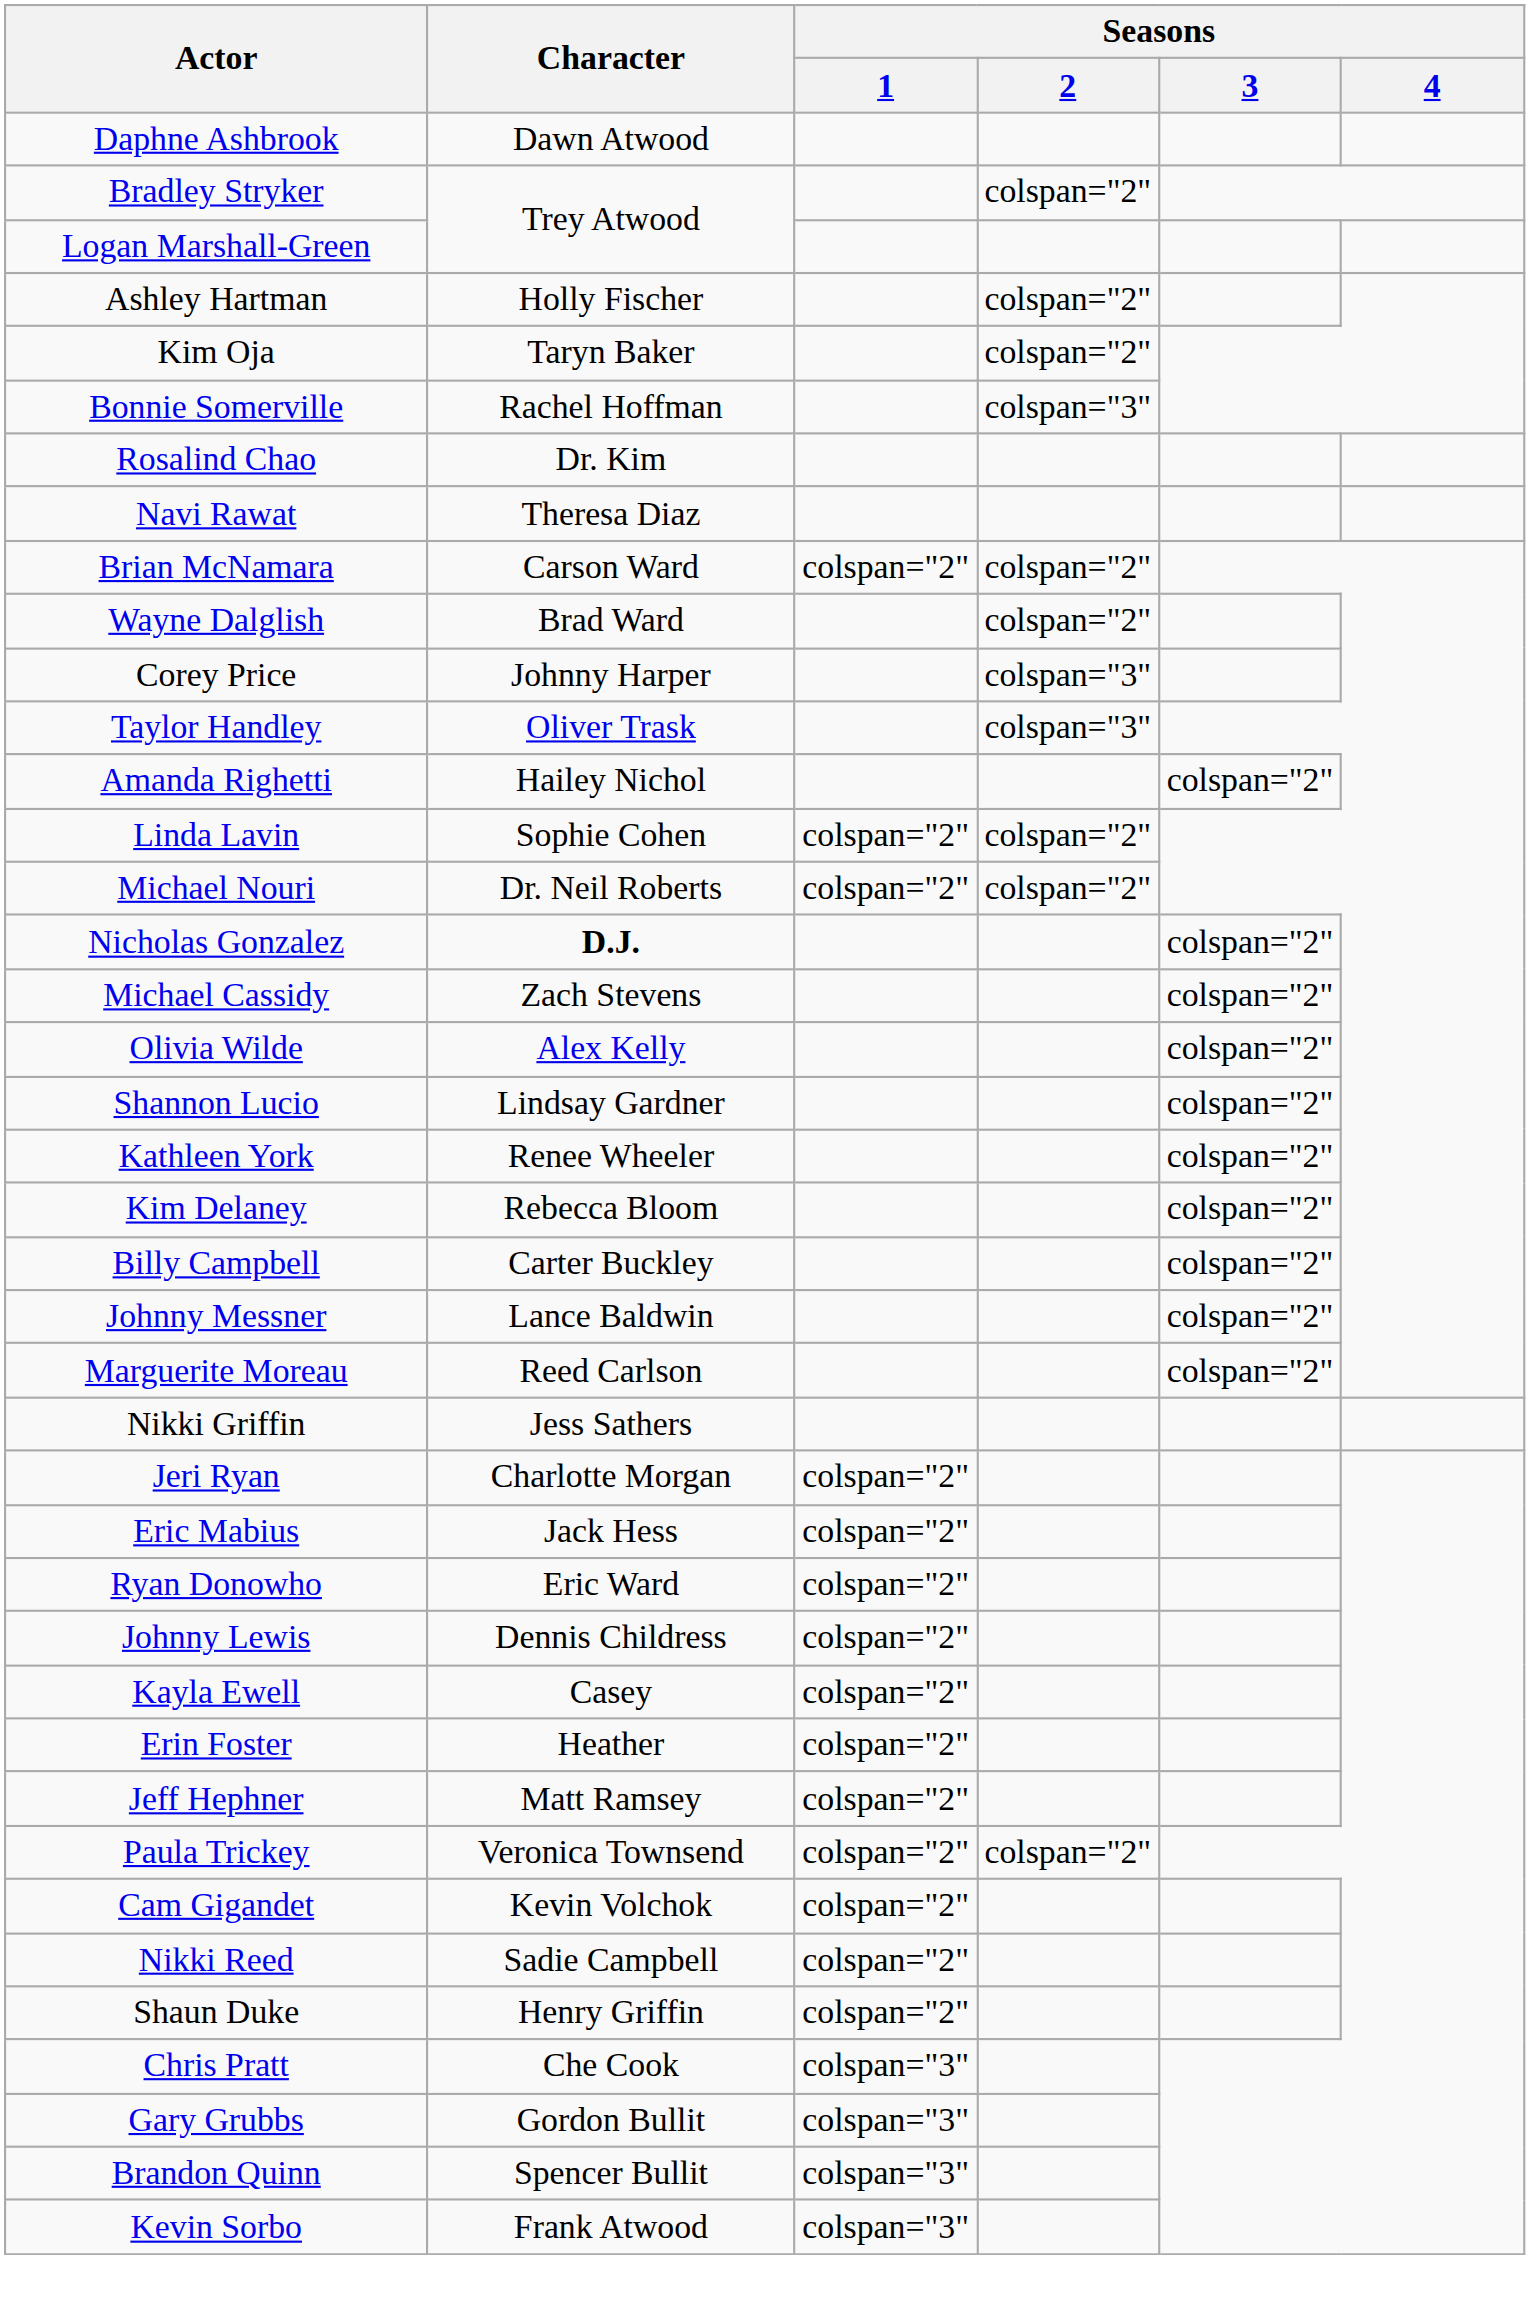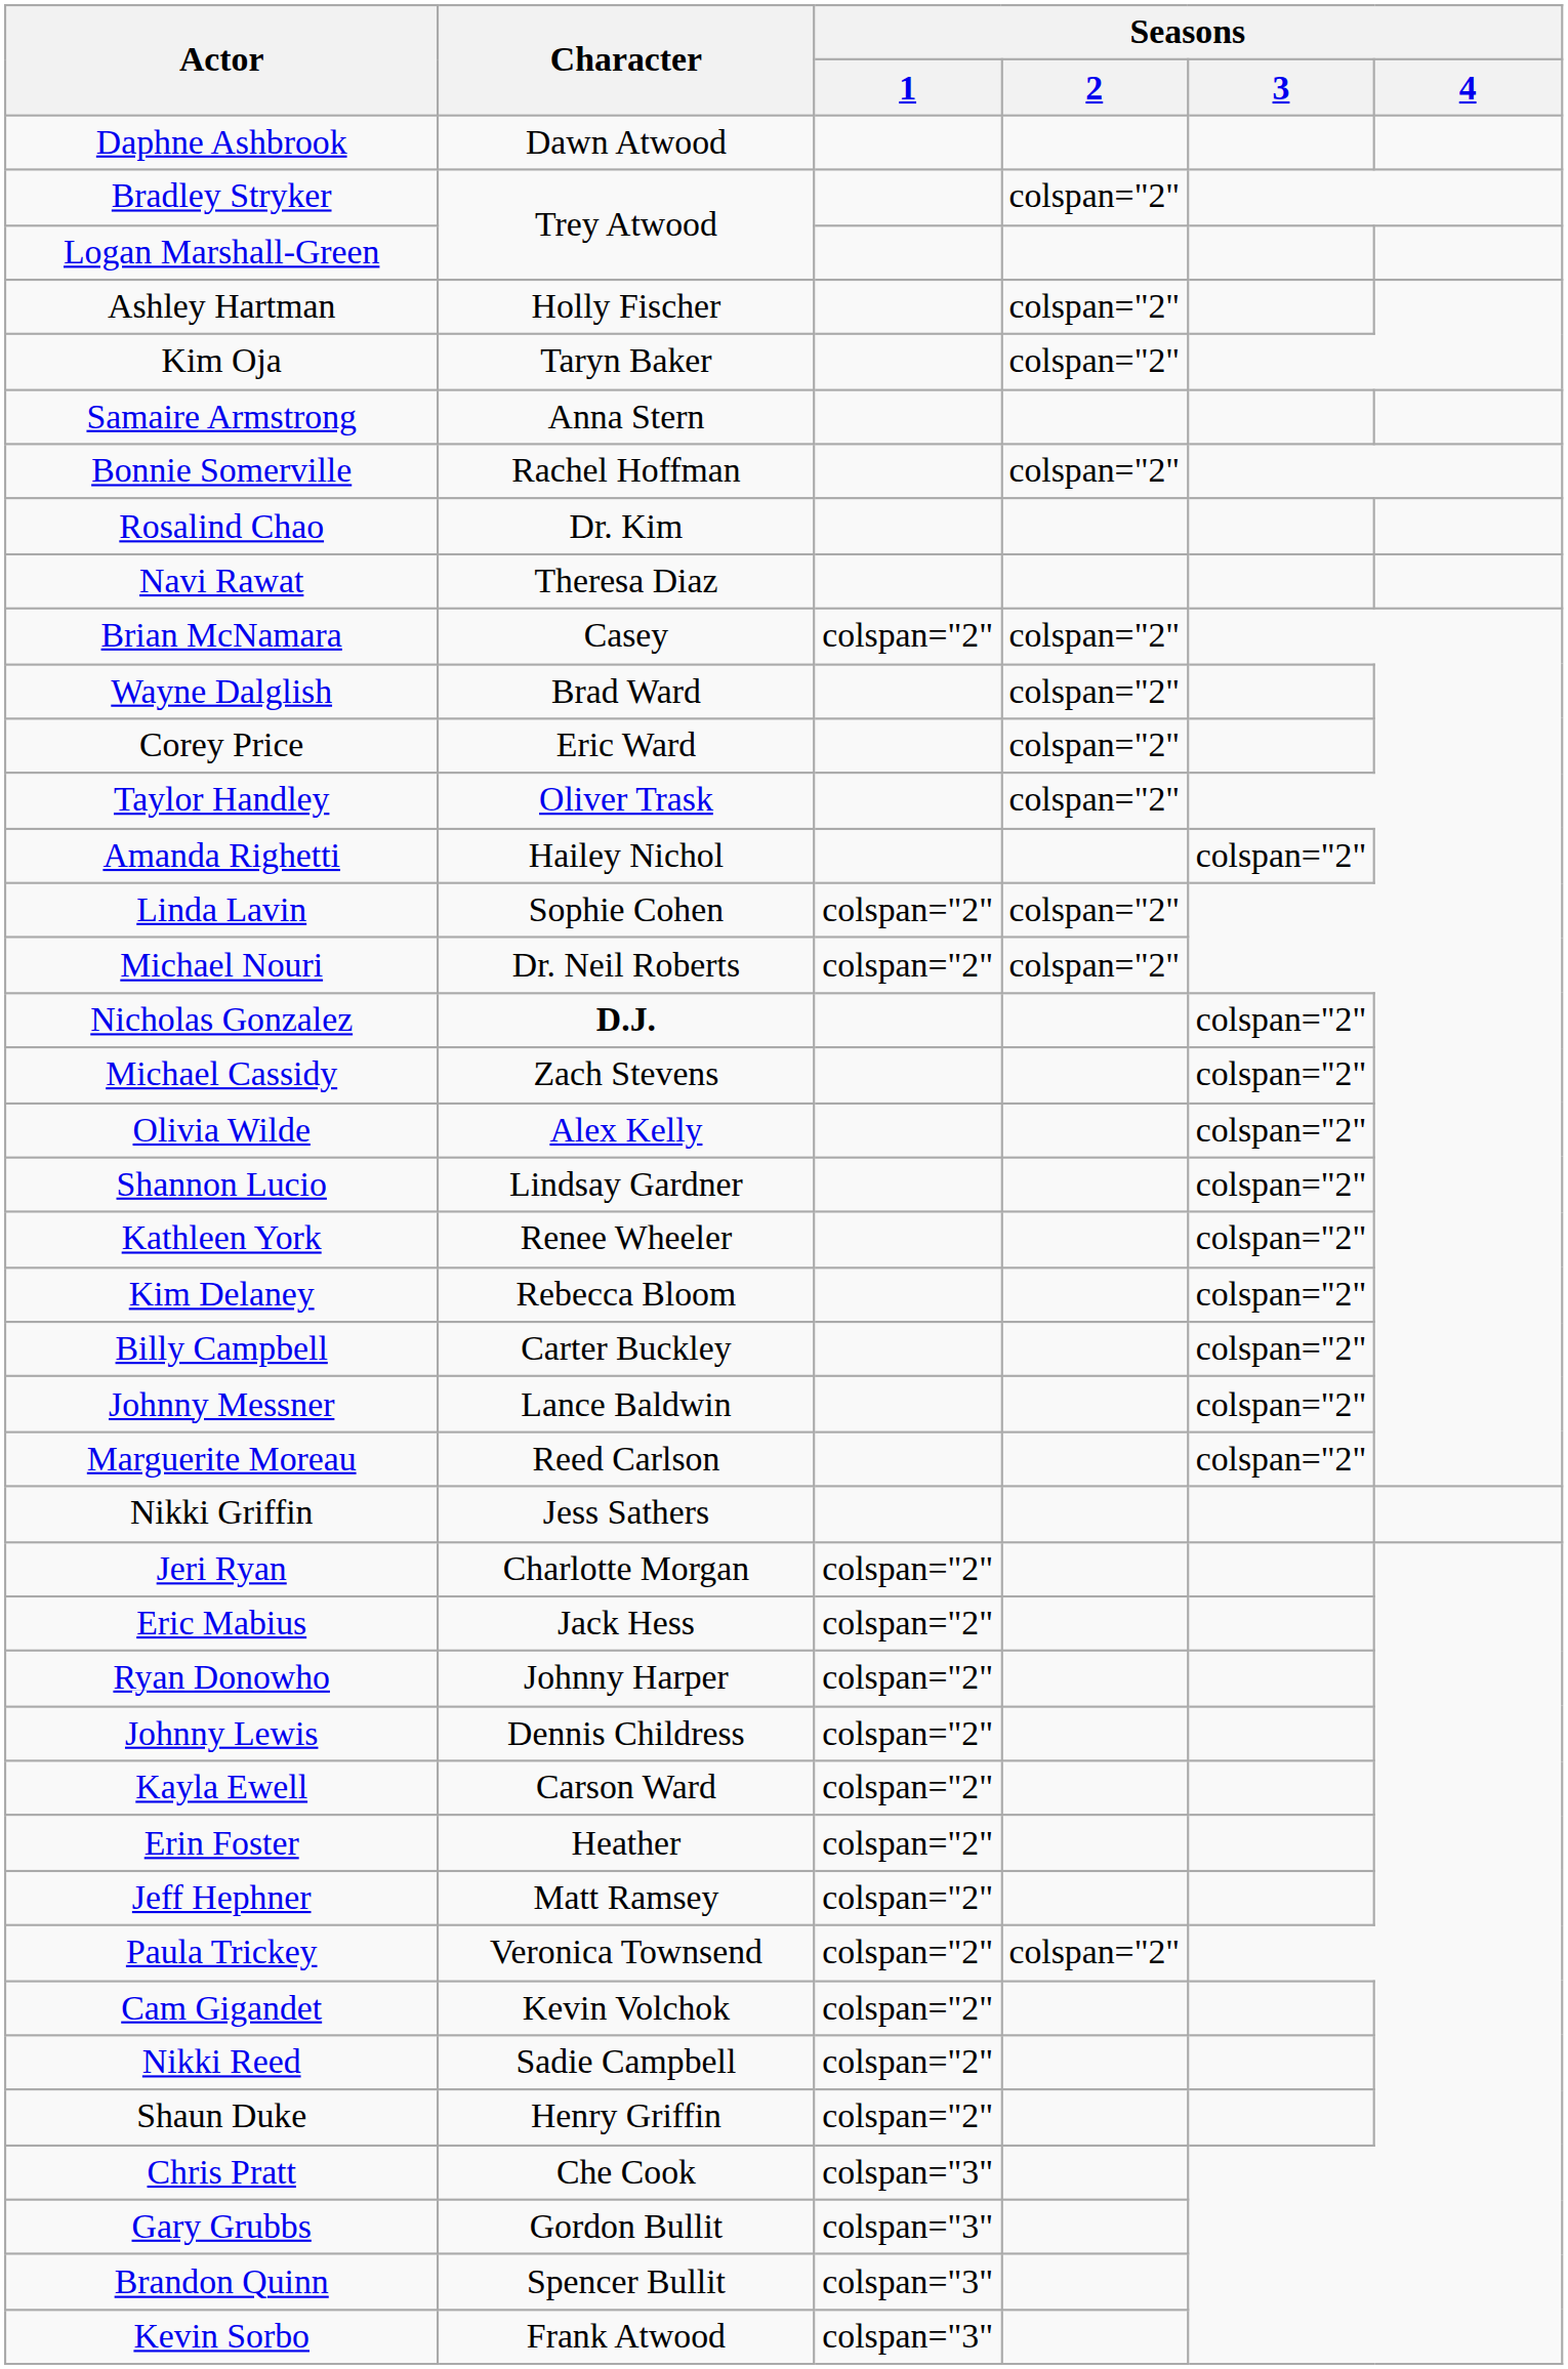 <table class="wikitable" style="text-align:center; width:auto">
 <tr>
 <th scope="col" rowspan="2">Actor</th>
 <th scope="col" rowspan="2">Character</th>
 <th scope="col" colspan="4">Seasons</th>
 </tr>
 <tr>
 <th scope="col" style="width:12%;"><a href='#'>1</a></th>
 <th scope="col" style="width:12%;"><a href='#'>2</a></th>
 <th scope="col" style="width:12%;"><a href='#'>3</a></th>
 <th scope="col" style="width:12%;"><a href='#'>4</a></th>
 </tr>
 <tr>
 <td style="text-align:center;"><a href='#'>Daphne Ashbrook</a></td>
 <td style="text-align:center;">Dawn Atwood</td>
 <td></td>
 <td></td>
 <td></td>
 <td></td>
 </tr>
 <tr>
 <td style="text-align:center;"><a href='#'>Bradley Stryker</a></td>
 <td style="text-align:center;" rowspan="2">Trey Atwood</td>
 <td></td>
 <td>colspan="2" </td>
 </tr>
 <tr>
 <td style="text-align:center;"><a href='#'>Logan Marshall-Green</a></td>
 <td></td>
 <td></td>
 <td></td>
 <td></td>
 </tr>
 <tr>
 <td style="text-align:center;">Ashley Hartman</td>
 <td style="text-align:center;">Holly Fischer</td>
 <td></td>
 <td>colspan="2" </td>
 <td></td>
 </tr>
 <tr>
 <td style="text-align:center;">Kim Oja</td>
 <td style="text-align:center;">Taryn Baker</td>
 <td></td>
 <td>colspan="2" </td>
 </tr>
 <tr>
+<td style="text-align:center;"><a href='#'>Samaire Armstrong</a></td>
+<td style="text-align:center;">Anna Stern</td>
+<td></td>
+<td></td>
+<td></td>
+<td></td>
+</tr>
+<tr>
 <td style="text-align:center;"><a href='#'>Bonnie Somerville</a></td>
 <td style="text-align:center;">Rachel Hoffman</td>
 <td></td>
-<td>colspan="3" </td>
+<td>colspan="2" </td>
 </tr>
 <tr>
 <td style="text-align:center;"><a href='#'>Rosalind Chao</a></td>
 <td style="text-align:center;">Dr. Kim</td>
 <td></td>
 <td></td>
 <td></td>
 <td></td>
 </tr>
 <tr>
 <td style="text-align:center;"><a href='#'>Navi Rawat</a></td>
 <td style="text-align:center;">Theresa Diaz</td>
 <td></td>
 <td></td>
 <td></td>
 <td></td>
 </tr>
 <tr>
 <td style="text-align:center;"><a href='#'>Brian McNamara</a></td>
-<td style="text-align:center;">Carson Ward</td>
+<td style="text-align:center;">Casey</td>
 <td>colspan="2" </td>
 <td>colspan="2" </td>
 </tr>
 <tr>
 <td style="text-align:center;"><a href='#'>Wayne Dalglish</a></td>
 <td style="text-align:center;">Brad Ward</td>
 <td></td>
 <td>colspan="2" </td>
 <td></td>
 </tr>
 <tr>
 <td style="text-align:center;">Corey Price</td>
-<td style="text-align:center;">Johnny Harper</td>
+<td style="text-align:center;">Eric Ward</td>
 <td></td>
-<td>colspan="3" </td>
+<td>colspan="2" </td>
 <td></td>
 </tr>
 <tr>
 <td style="text-align:center;"><a href='#'>Taylor Handley</a></td>
 <td style="text-align:center;"><a href='#'>Oliver Trask</a></td>
 <td></td>
-<td>colspan="3" </td>
+<td>colspan="2" </td>
 </tr>
 <tr>
 <td style="text-align:center;"><a href='#'>Amanda Righetti</a></td>
 <td style="text-align:center;">Hailey Nichol</td>
 <td></td>
 <td></td>
 <td>colspan="2" </td>
 </tr>
 <tr>
 <td style="text-align:center;"><a href='#'>Linda Lavin</a></td>
 <td style="text-align:center;">Sophie Cohen</td>
 <td>colspan="2" </td>
 <td>colspan="2" </td>
 </tr>
 <tr>
 <td style="text-align:center;"><a href='#'>Michael Nouri</a></td>
 <td style="text-align:center;">Dr. Neil Roberts</td>
 <td>colspan="2" </td>
 <td>colspan="2" </td>
 </tr>
 <tr>
 <td style="text-align:center;"><a href='#'>Nicholas Gonzalez</a></td>
 <td style="text-align:center;"><strong>D.J.</strong></td>
 <td></td>
 <td></td>
 <td>colspan="2" </td>
 </tr>
 <tr>
 <td style="text-align:center;"><a href='#'>Michael Cassidy</a></td>
 <td style="text-align:center;">Zach Stevens</td>
 <td></td>
 <td></td>
 <td>colspan="2" </td>
 </tr>
 <tr>
 <td style="text-align:center;"><a href='#'>Olivia Wilde</a></td>
 <td style="text-align:center;"><a href='#'>Alex Kelly</a></td>
 <td></td>
 <td></td>
 <td>colspan="2" </td>
 </tr>
 <tr>
 <td style="text-align:center;"><a href='#'>Shannon Lucio</a></td>
 <td style="text-align:center;">Lindsay Gardner</td>
 <td></td>
 <td></td>
 <td>colspan="2" </td>
 </tr>
 <tr>
 <td style="text-align:center;"><a href='#'>Kathleen York</a></td>
 <td style="text-align:center;">Renee Wheeler</td>
 <td></td>
 <td></td>
 <td>colspan="2" </td>
 </tr>
 <tr>
 <td style="text-align:center;"><a href='#'>Kim Delaney</a></td>
 <td style="text-align:center;">Rebecca Bloom</td>
 <td></td>
 <td></td>
 <td>colspan="2" </td>
 </tr>
 <tr>
 <td style="text-align:center;"><a href='#'>Billy Campbell</a></td>
 <td style="text-align:center;">Carter Buckley</td>
 <td></td>
 <td></td>
 <td>colspan="2" </td>
 </tr>
 <tr>
 <td style="text-align:center;"><a href='#'>Johnny Messner</a></td>
 <td style="text-align:center;">Lance Baldwin</td>
 <td></td>
 <td></td>
 <td>colspan="2" </td>
 </tr>
 <tr>
 <td style="text-align:center;"><a href='#'>Marguerite Moreau</a></td>
 <td style="text-align:center;">Reed Carlson</td>
 <td></td>
 <td></td>
 <td>colspan="2" </td>
 </tr>
 <tr>
 <td style="text-align:center;">Nikki Griffin</td>
 <td style="text-align:center;">Jess Sathers</td>
 <td></td>
 <td></td>
 <td></td>
 <td></td>
 </tr>
 <tr>
 <td style="text-align:center;"><a href='#'>Jeri Ryan</a></td>
 <td style="text-align:center;">Charlotte Morgan</td>
 <td>colspan="2" </td>
 <td></td>
 <td></td>
 </tr>
 <tr>
 <td style="text-align:center;"><a href='#'>Eric Mabius</a></td>
 <td style="text-align:center;">Jack Hess</td>
 <td>colspan="2" </td>
 <td></td>
 <td></td>
 </tr>
 <tr>
 <td style="text-align:center;"><a href='#'>Ryan Donowho</a></td>
-<td style="text-align:center;">Eric Ward</td>
+<td style="text-align:center;">Johnny Harper</td>
 <td>colspan="2" </td>
 <td></td>
 <td></td>
 </tr>
 <tr>
 <td style="text-align:center;"><a href='#'>Johnny Lewis</a></td>
 <td style="text-align:center;">Dennis Childress</td>
 <td>colspan="2" </td>
 <td></td>
 <td></td>
 </tr>
 <tr>
 <td style="text-align:center;"><a href='#'>Kayla Ewell</a></td>
-<td style="text-align:center;">Casey</td>
+<td style="text-align:center;">Carson Ward</td>
 <td>colspan="2" </td>
 <td></td>
 <td></td>
 </tr>
 <tr>
 <td style="text-align:center;"><a href='#'>Erin Foster</a></td>
 <td style="text-align:center;">Heather</td>
 <td>colspan="2" </td>
 <td></td>
 <td></td>
 </tr>
 <tr>
 <td style="text-align:center;"><a href='#'>Jeff Hephner</a></td>
 <td style="text-align:center;">Matt Ramsey</td>
 <td>colspan="2" </td>
 <td></td>
 <td></td>
 </tr>
 <tr>
 <td style="text-align:center;"><a href='#'>Paula Trickey</a></td>
 <td style="text-align:center;">Veronica Townsend</td>
 <td>colspan="2" </td>
 <td>colspan="2" </td>
 </tr>
 <tr>
 <td style="text-align:center;"><a href='#'>Cam Gigandet</a></td>
 <td style="text-align:center;">Kevin Volchok</td>
 <td>colspan="2" </td>
 <td></td>
 <td></td>
 </tr>
 <tr>
 <td style="text-align:center;"><a href='#'>Nikki Reed</a></td>
 <td style="text-align:center;">Sadie Campbell</td>
 <td>colspan="2" </td>
 <td></td>
 <td></td>
 </tr>
 <tr>
 <td style="text-align:center;">Shaun Duke</td>
 <td style="text-align:center;">Henry Griffin</td>
 <td>colspan="2" </td>
 <td></td>
 <td></td>
 </tr>
 <tr>
 <td style="text-align:center;"><a href='#'>Chris Pratt</a></td>
 <td style="text-align:center;">Che Cook</td>
 <td>colspan="3" </td>
 <td></td>
 </tr>
 <tr>
 <td style="text-align:center;"><a href='#'>Gary Grubbs</a></td>
 <td style="text-align:center;">Gordon Bullit</td>
 <td>colspan="3" </td>
 <td></td>
 </tr>
 <tr>
 <td style="text-align:center;"><a href='#'>Brandon Quinn</a></td>
 <td style="text-align:center;">Spencer Bullit</td>
 <td>colspan="3" </td>
 <td></td>
 </tr>
 <tr>
 <td style="text-align:center;"><a href='#'>Kevin Sorbo</a></td>
 <td style="text-align:center;">Frank Atwood</td>
 <td>colspan="3" </td>
 <td></td>
 </tr>
 </table>
